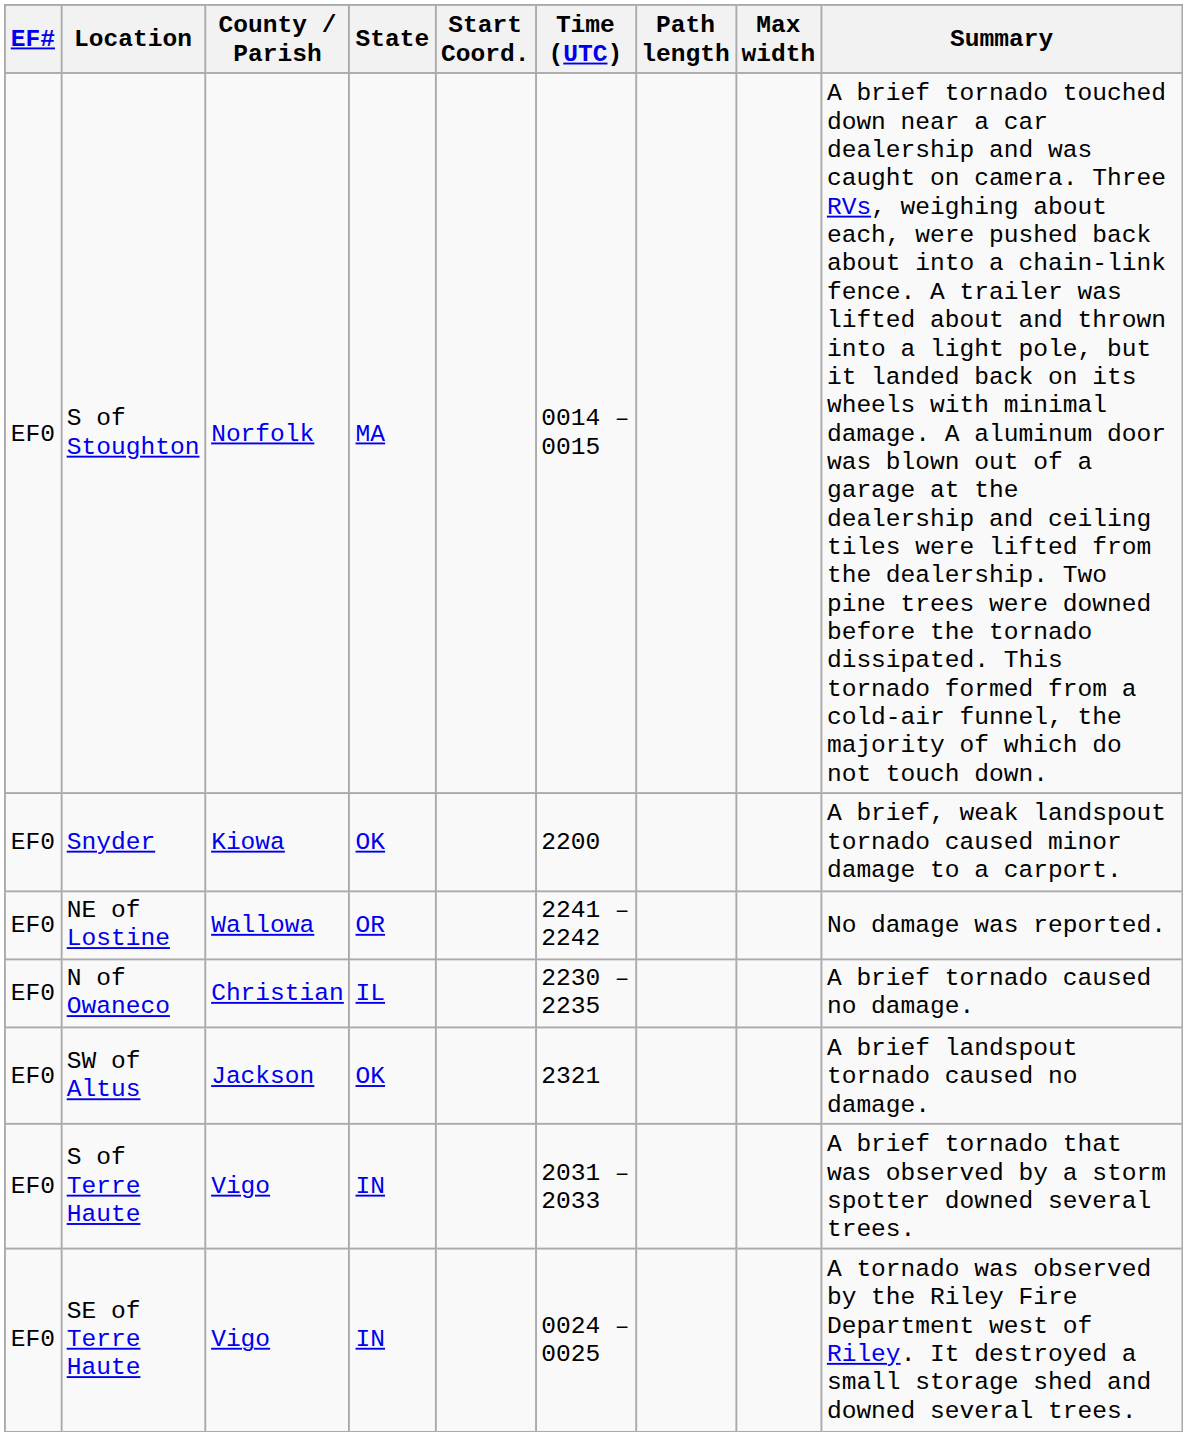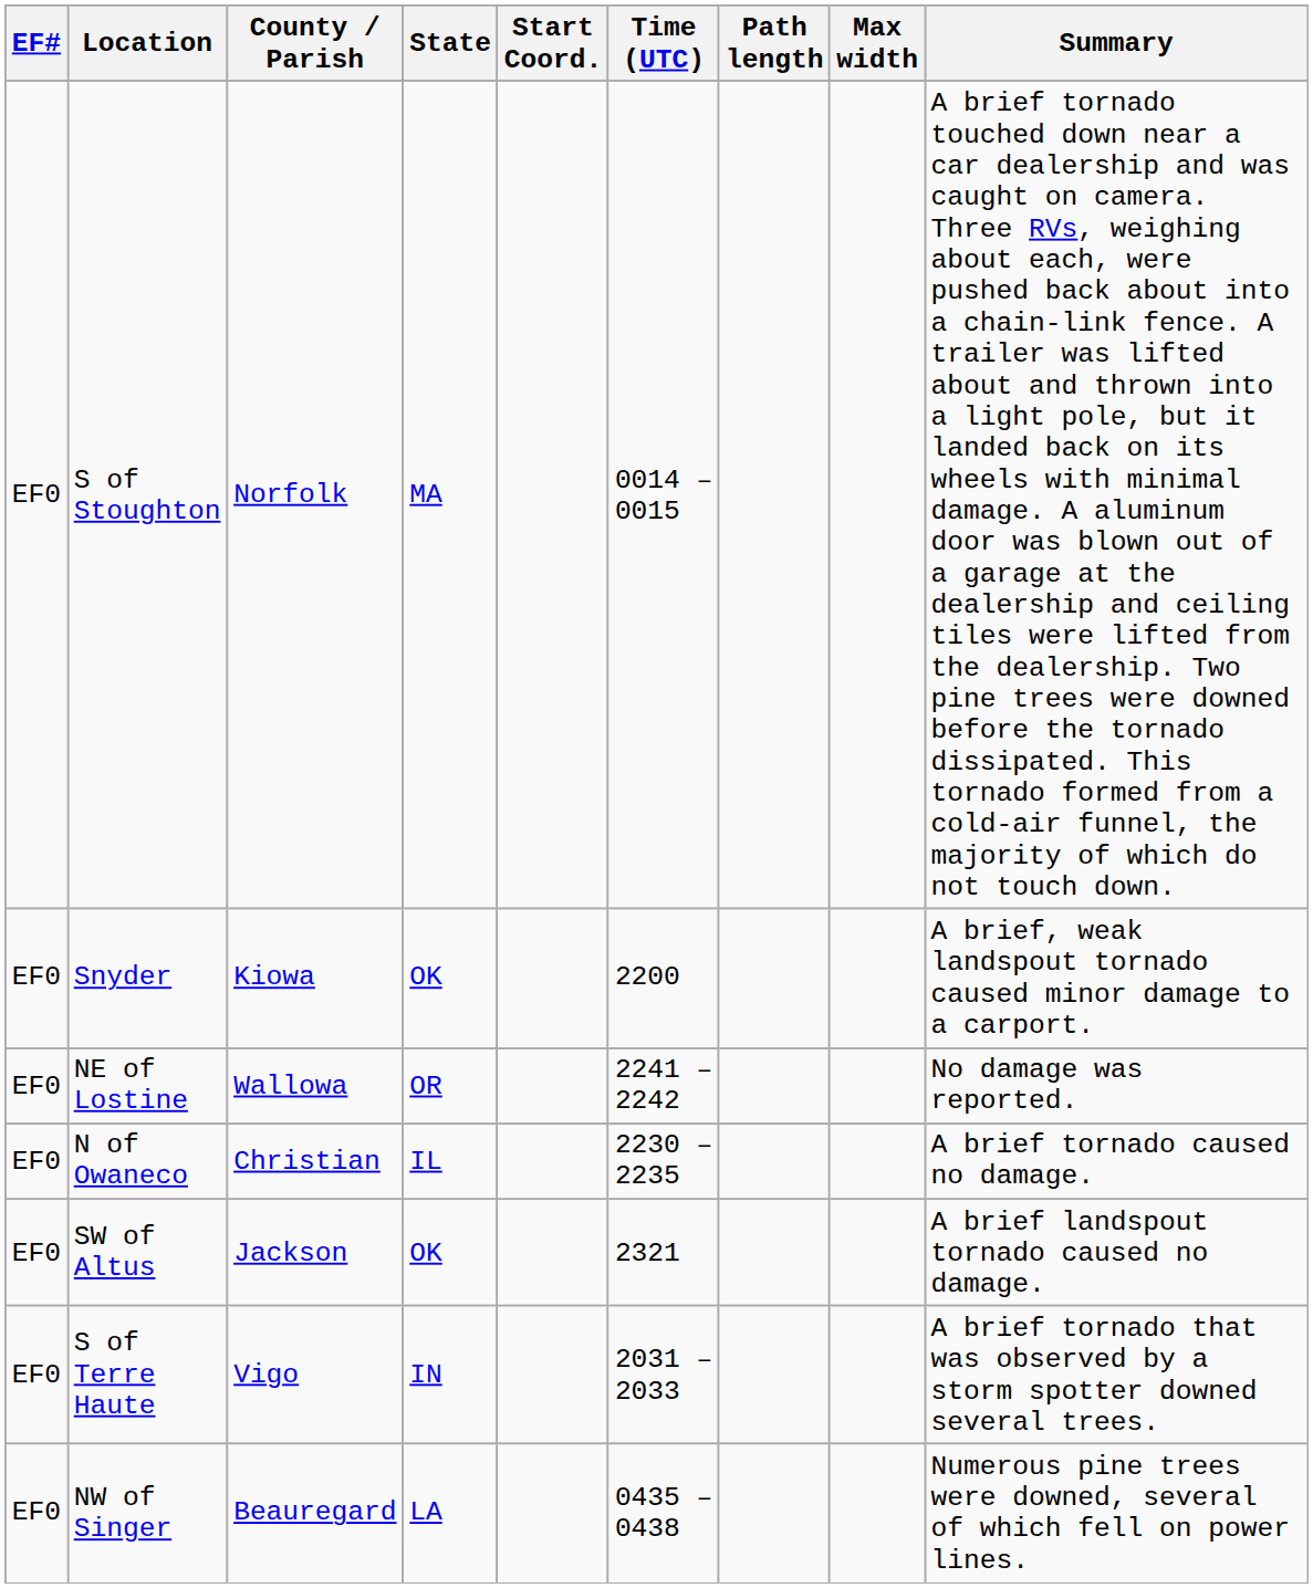 <table class="wikitable sortable" style="width:100%;">
 <tr>
 <th scope="col" width="3%" align="center"><a href='#'>EF#</a></th>
 <th scope="col" width="7%" align="center" class="unsortable">Location</th>
 <th scope="col" width="6%" align="center" class="unsortable">County / Parish</th>
 <th scope="col" width="5%" align="center">State</th>
 <th scope="col" width="6%" align="center">Start Coord.</th>
 <th scope="col" width="6%" align="center">Time (<a href='#'>UTC</a>)</th>
 <th scope="col" width="6%" align="center">Path length</th>
 <th scope="col" width="6%" align="center">Max width</th>
 <th scope="col" width="48%" class="unsortable" align="center">Summary</th>
 </tr>
 <tr>
 <td>EF0</td>
 <td>S of <a href='#'>Stoughton</a></td>
 <td><a href='#'>Norfolk</a></td>
 <td><a href='#'>MA</a></td>
 <td></td>
 <td>0014 – 0015</td>
 <td></td>
 <td></td>
 <td>A brief tornado touched down near a car dealership and was caught on camera. Three <a href='#'>RVs</a>, weighing about  each, were pushed back about  into a chain-link fence. A trailer was lifted about  and thrown into a light pole, but it landed back on its wheels with minimal damage. A  aluminum door was blown out of a garage at the dealership and ceiling tiles were lifted from the dealership. Two pine trees were downed before the tornado dissipated. This tornado formed from a cold-air funnel, the majority of which do not touch down.</td>
 </tr>
 <tr>
 <td>EF0</td>
 <td><a href='#'>Snyder</a></td>
 <td><a href='#'>Kiowa</a></td>
 <td><a href='#'>OK</a></td>
 <td></td>
 <td>2200</td>
 <td></td>
 <td></td>
 <td>A brief, weak landspout tornado caused minor damage to a carport.</td>
 </tr>
 <tr>
 <td>EF0</td>
 <td>NE of <a href='#'>Lostine</a></td>
 <td><a href='#'>Wallowa</a></td>
 <td><a href='#'>OR</a></td>
 <td></td>
 <td>2241 – 2242</td>
 <td></td>
 <td></td>
 <td>No damage was reported.</td>
 </tr>
 <tr>
 <td>EF0</td>
 <td>N of <a href='#'>Owaneco</a></td>
 <td><a href='#'>Christian</a></td>
 <td><a href='#'>IL</a></td>
 <td></td>
 <td>2230 – 2235</td>
 <td></td>
 <td></td>
 <td>A brief tornado caused no damage.</td>
 </tr>
 <tr>
 <td>EF0</td>
 <td>SW of <a href='#'>Altus</a></td>
 <td><a href='#'>Jackson</a></td>
 <td><a href='#'>OK</a></td>
 <td></td>
 <td>2321</td>
 <td></td>
 <td></td>
 <td>A brief landspout tornado caused no damage.</td>
 </tr>
 <tr>
 <td>EF0</td>
 <td>S of <a href='#'>Terre Haute</a></td>
 <td><a href='#'>Vigo</a></td>
 <td><a href='#'>IN</a></td>
 <td></td>
 <td>2031 – 2033</td>
 <td></td>
 <td></td>
 <td>A brief tornado that was observed by a storm spotter downed several trees.</td>
 </tr>
 <tr>
 <td>EF0</td>
-<td>SE of <a href='#'>Terre Haute</a></td>
-<td><a href='#'>Vigo</a></td>
-<td><a href='#'>IN</a></td>
+<td>NW of <a href='#'>Singer</a></td>
+<td><a href='#'>Beauregard</a></td>
+<td><a href='#'>LA</a></td>
 <td></td>
-<td>0024 – 0025</td>
+<td>0435 – 0438</td>
 <td></td>
 <td></td>
-<td>A tornado was observed by the Riley Fire Department west of <a href='#'>Riley</a>. It destroyed a small storage shed and downed several trees.</td>
+<td>Numerous pine trees were downed, several of which fell on power lines.</td>
 </tr>
 </table>
